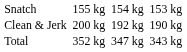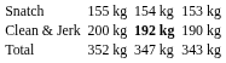 <table>
 <tr>
 <td>Snatch</td>
 <td></td>
 <td>155 kg</td>
 <td></td>
 <td>154 kg</td>
 <td></td>
 <td>153 kg</td>
 </tr>
 <tr>
 <td>Clean & Jerk</td>
 <td></td>
 <td>200 kg</td>
 <td></td>
-<td>192 kg</td>
+<td><strong>192 kg</strong></td>
 <td></td>
 <td>190 kg</td>
 </tr>
 <tr>
 <td>Total</td>
 <td></td>
 <td>352 kg</td>
 <td></td>
 <td>347 kg</td>
 <td></td>
 <td>343 kg</td>
 </tr>
 </table>
